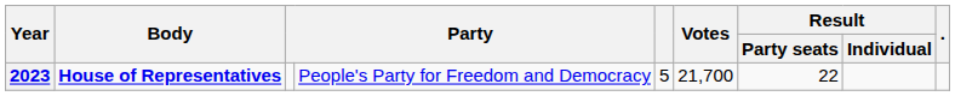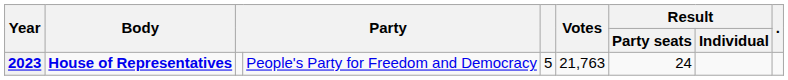 <table class="wikitable plainrowheaders sortable" border=2 cellpadding=4 cellspacing=0 style="border: 1px #aaa solid; font-size: 90%; text-align:center;">
 <tr>
 <th scope="col" rowspan=2>Year</th>
 <th scope="col" rowspan=2>Body</th>
 <th scope="col" colspan=2 rowspan=2>Party</th>
 <th scope="col" rowspan=2></th>
 <th scope="col" rowspan=2>Votes</th>
 <th scope="colgroup" colspan=2>Result</th>
 <th scope="col" rowspan=2>.</th>
 </tr>
 <tr>
 <th scope="col">Party seats</th>
 <th scope="col">Individual</th>
 </tr>
 <tr>
 <th scope="row"><a href='#'>2023</a></th>
 <td><strong><a href='#'>House of Representatives</a></strong></td>
 <td style="background-color:"></td>
 <td><a href='#'>People's Party for Freedom and Democracy</a></td>
 <td style=text-align:right>5</td>
-<td style=text-align:right>21,700</td>
-<td style=text-align:right>22</td>
+<td style=text-align:right>21,763</td>
+<td style=text-align:right>24</td>
 <td></td>
 <td></td>
 </tr>
 </table>
